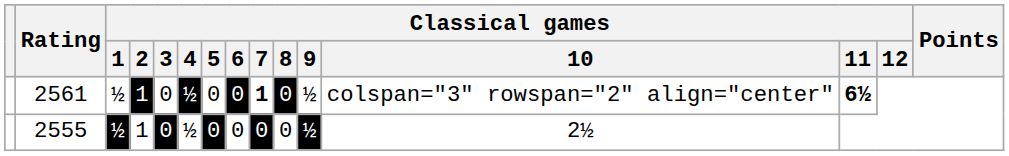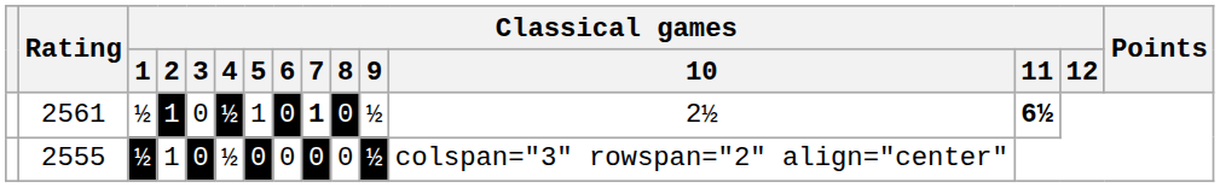 <table class="wikitable" style="text-align:center; background:white; color:black">
 <tr>
 <th rowspan="2"></th>
 <th rowspan="2">Rating</th>
 <th colspan="12">Classical games</th>
 <th rowspan="2">Points</th>
 </tr>
 <tr>
 <th>1</th>
 <th>2</th>
 <th>3</th>
 <th>4</th>
 <th>5</th>
 <th>6</th>
 <th>7</th>
 <th>8</th>
 <th>9</th>
 <th>10</th>
 <th>11</th>
 <th>12</th>
 </tr>
 <tr>
 <td align="left"></td>
 <td>2561</td>
 <td>½</td>
 <td style="background:black; color:white">1</td>
 <td>0</td>
 <td style="background:black; color:white">½</td>
-<td>0</td>
+<td>1</td>
 <td style="background:black; color:white">0</td>
 <td><strong>1</strong></td>
 <td style="background:black; color:white">0</td>
 <td>½</td>
-<td>colspan="3" rowspan="2" align="center" </td>
+<td>2½</td>
 <td><strong>6½</strong></td>
 </tr>
 <tr>
 <td align="left"></td>
 <td>2555</td>
 <td style="background:black; color:white">½</td>
 <td>1</td>
 <td style="background:black; color:white">0</td>
 <td>½</td>
 <td style="background:black; color:white">0</td>
 <td>0</td>
 <td style="background:black; color:white">0</td>
 <td>0</td>
 <td style="background:black; color:white">½</td>
-<td>2½</td>
+<td>colspan="3" rowspan="2" align="center" </td>
 </tr>
 </table>
